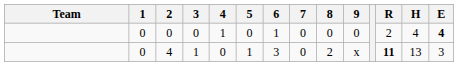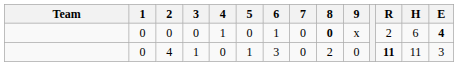 <table border=1 cellspacing=0 width=600 style="margin-left:3em;" class="wikitable">
 <tr style="text-align:center; background-color:#e6e6e6;">
 <th align=left width=28%>Team</th>
 <th width=6%>1</th>
 <th width=6%>2</th>
 <th width=6%>3</th>
 <th width=6%>4</th>
 <th width=6%>5</th>
 <th width=6%>6</th>
 <th width=6%>7</th>
 <th width=6%>8</th>
 <th width=6%>9</th>
 <th rowspan="3" width=0.5%></th>
 <th width=6%>R</th>
 <th width=6%>H</th>
 <th width=6%>E</th>
 </tr>
 <tr style="text-align:center;">
 <td align=left></td>
 <td>0</td>
 <td>0</td>
 <td>0</td>
 <td>1</td>
 <td>0</td>
 <td>1</td>
 <td>0</td>
-<td>0</td>
-<td>0</td>
+<td><strong>0</strong></td>
+<td>x</td>
 <td>2</td>
-<td>4</td>
+<td>6</td>
 <td><strong>4</strong></td>
 </tr>
 <tr style="text-align:center;">
 <td align=left></td>
 <td>0</td>
 <td>4</td>
 <td>1</td>
 <td>0</td>
 <td>1</td>
 <td>3</td>
 <td>0</td>
 <td>2</td>
-<td>x</td>
+<td>0</td>
 <td><strong>11</strong></td>
-<td>13</td>
+<td>11</td>
 <td>3</td>
 </tr>
 </table>
